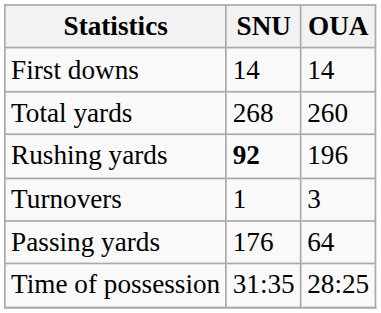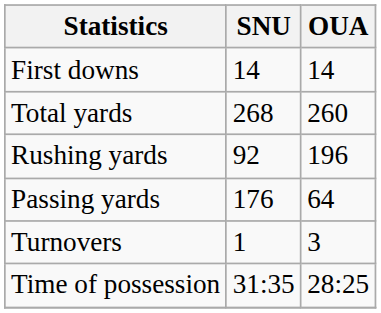 <table class="wikitable" style="float: left;">
 <tr>
 <th>Statistics</th>
 <th>SNU</th>
 <th>OUA</th>
 </tr>
 <tr>
 <td>First downs</td>
 <td>14</td>
 <td>14</td>
 </tr>
 <tr>
 <td>Total yards</td>
 <td>268</td>
 <td>260</td>
 </tr>
 <tr>
 <td>Rushing yards</td>
-<td><strong>92</strong></td>
+<td>92</td>
 <td>196</td>
+</tr>
+<tr>
+<td>Passing yards</td>
+<td>176</td>
+<td>64</td>
 </tr>
 <tr>
 <td>Turnovers</td>
 <td>1</td>
 <td>3</td>
-</tr>
-<tr>
-<td>Passing yards</td>
-<td>176</td>
-<td>64</td>
 </tr>
 <tr>
 <td>Time of possession</td>
 <td>31:35</td>
 <td>28:25</td>
 </tr>
 <tr>
 </tr>
 </table>
